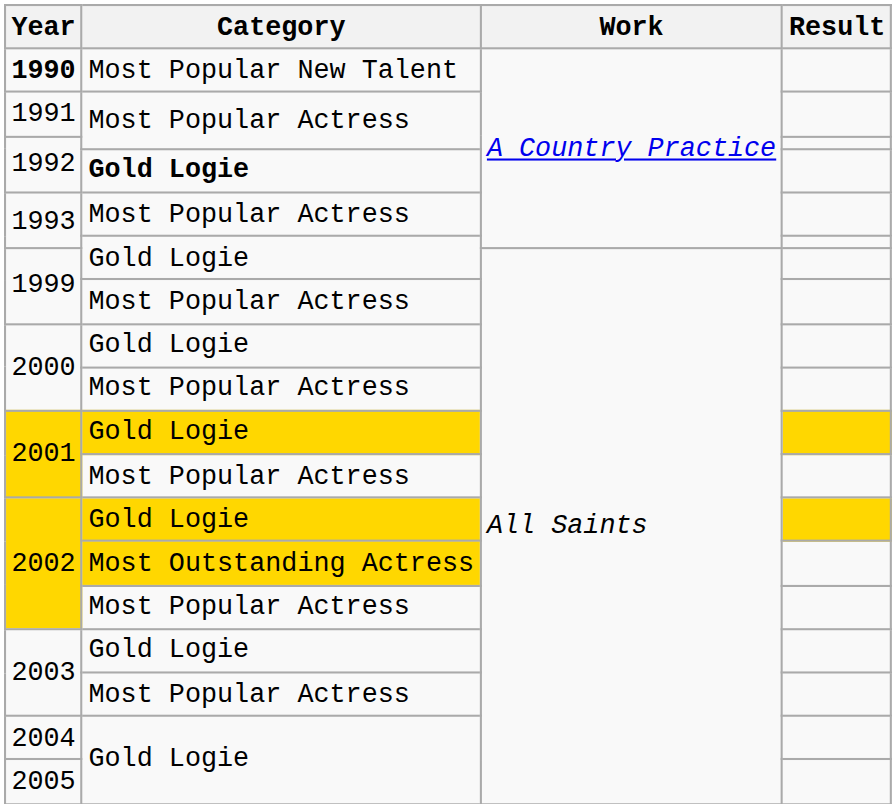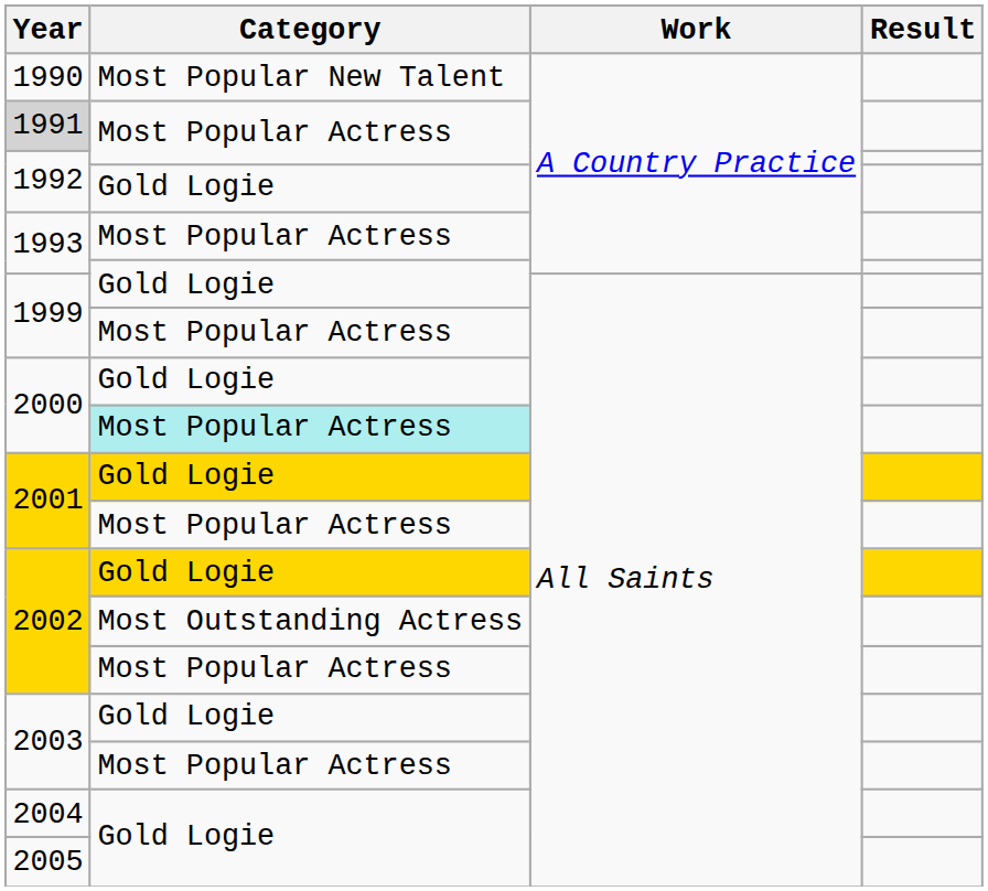 <table class="wikitable sortable">
 <tr>
 <th>Year</th>
 <th>Category</th>
 <th>Work</th>
 <th>Result</th>
 </tr>
 <tr>
-<td><strong>1990</strong></td>
+<td>1990</td>
 <td>Most Popular New Talent</td>
 <td rowspan="6"><em><a href='#'>A Country Practice</a></em></td>
 <td></td>
 </tr>
 <tr>
-<td>1991</td>
+<td style="background: lightgrey;">1991</td>
 <td rowspan="2">Most Popular Actress</td>
 <td></td>
 </tr>
 <tr>
 <td rowspan="2">1992</td>
 <td></td>
 </tr>
 <tr>
-<td><strong>Gold Logie</strong></td>
+<td>Gold Logie</td>
 <td></td>
 </tr>
 <tr>
 <td rowspan="2">1993</td>
 <td>Most Popular Actress</td>
 <td></td>
 </tr>
 <tr>
 <td rowspan="2">Gold Logie</td>
 <td></td>
 </tr>
 <tr>
 <td rowspan="2">1999</td>
 <td rowspan="13"><em>All Saints</em></td>
 <td></td>
 </tr>
 <tr>
 <td>Most Popular Actress</td>
 <td></td>
 </tr>
 <tr>
 <td rowspan="2">2000</td>
 <td>Gold Logie</td>
 <td></td>
 </tr>
 <tr>
-<td>Most Popular Actress</td>
+<td style="background: paleturquoise;">Most Popular Actress</td>
 <td></td>
 </tr>
 <tr bgcolor=gold>
 <td rowspan="2">2001</td>
 <td>Gold Logie</td>
 <td></td>
 </tr>
 <tr>
 <td>Most Popular Actress</td>
 <td></td>
 </tr>
 <tr bgcolor=gold>
 <td rowspan="3">2002</td>
 <td>Gold Logie</td>
 <td></td>
 </tr>
 <tr>
-<td style="background: gold;">Most Outstanding Actress</td>
+<td>Most Outstanding Actress</td>
 <td></td>
 </tr>
 <tr>
 <td>Most Popular Actress</td>
 <td></td>
 </tr>
 <tr>
 <td rowspan="2">2003</td>
 <td>Gold Logie</td>
 <td></td>
 </tr>
 <tr>
 <td>Most Popular Actress</td>
 <td></td>
 </tr>
 <tr>
 <td>2004</td>
 <td rowspan="2">Gold Logie</td>
 <td></td>
 </tr>
 <tr>
 <td>2005</td>
 <td></td>
 </tr>
 </table>
